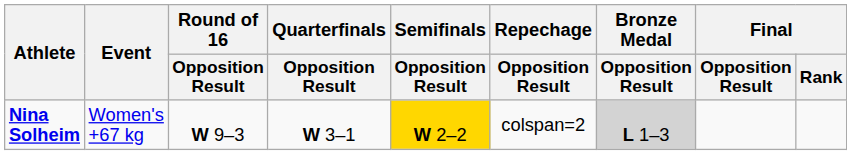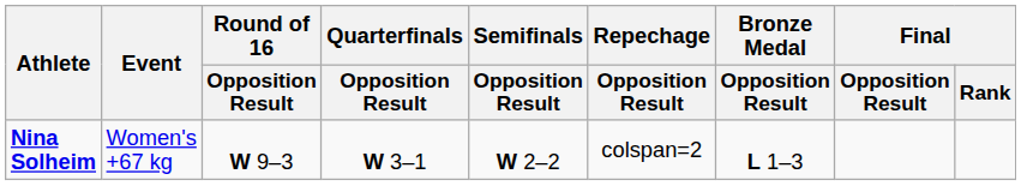 <table class="wikitable" style="font-size:90%">
 <tr>
 <th rowspan="2">Athlete</th>
 <th rowspan="2">Event</th>
 <th>Round of 16</th>
 <th>Quarterfinals</th>
 <th>Semifinals</th>
 <th>Repechage</th>
 <th>Bronze Medal</th>
 <th colspan=2>Final</th>
 </tr>
 <tr style="font-size:95%">
 <th>Opposition<br>Result</th>
 <th>Opposition<br>Result</th>
 <th>Opposition<br>Result</th>
 <th>Opposition<br>Result</th>
 <th>Opposition<br>Result</th>
 <th>Opposition<br>Result</th>
 <th>Rank</th>
 </tr>
 <tr align=center>
 <td align=left><strong><a href='#'>Nina Solheim</a></strong></td>
 <td align=left><a href='#'>Women's +67 kg</a></td>
 <td><br><strong>W</strong> 9–3</td>
 <td><br><strong>W</strong> 3–1</td>
-<td style="background: gold;"><br><strong>W</strong> 2–2 </td>
+<td><br><strong>W</strong> 2–2 </td>
 <td>colspan=2 </td>
-<td style="background: lightgrey;"><br><strong>L</strong> 1–3</td>
+<td><br><strong>L</strong> 1–3</td>
 <td></td>
 </tr>
 </table>
